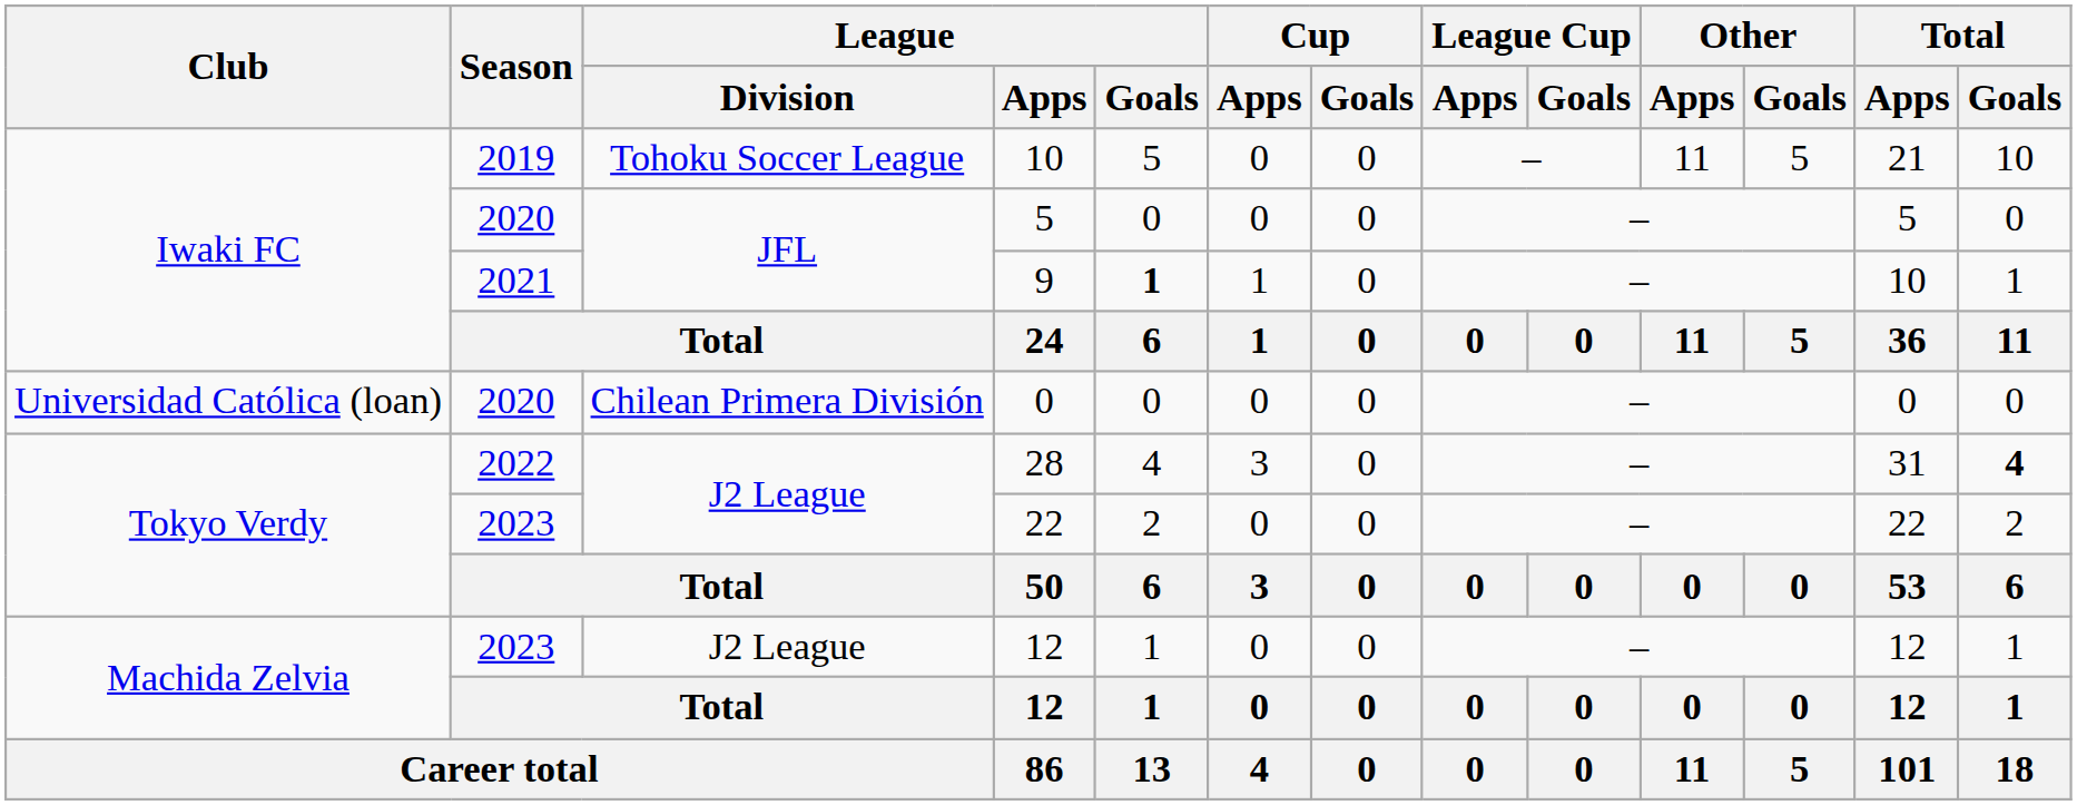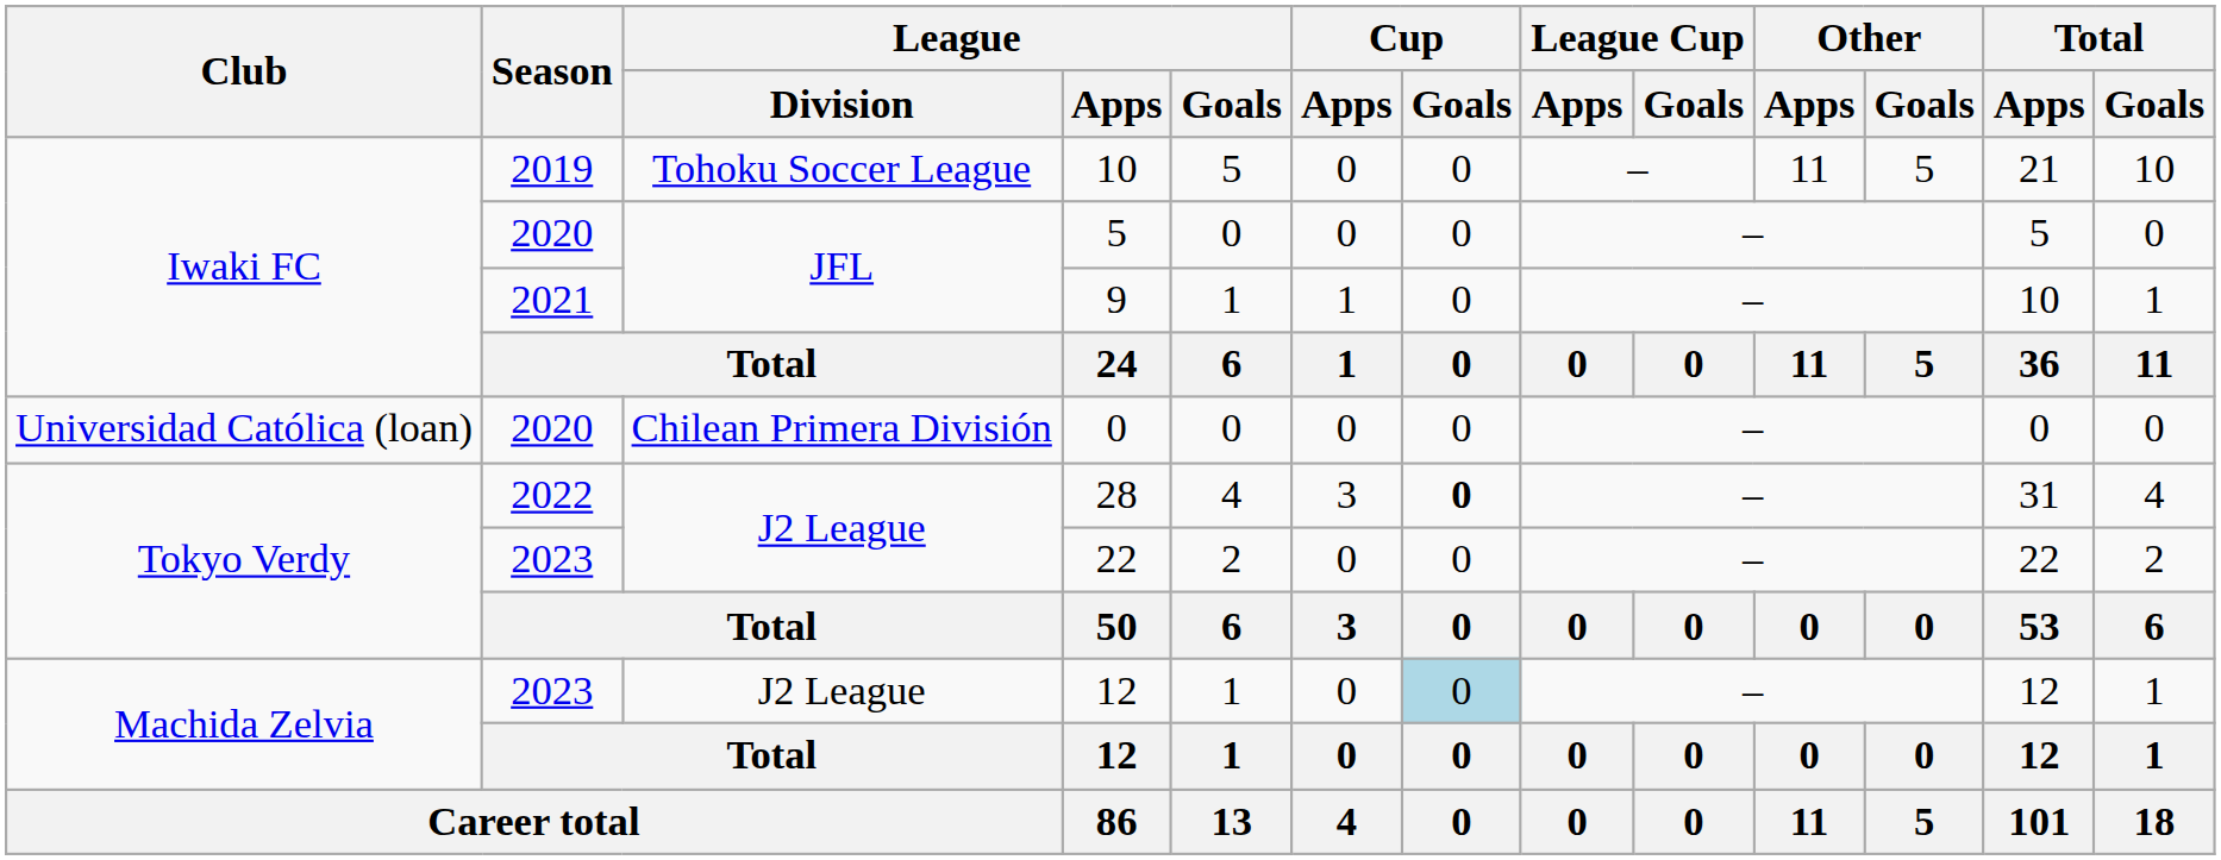 <table class="wikitable" style="text-align: center">
 <tr>
 <th rowspan="2">Club</th>
 <th rowspan="2">Season</th>
 <th colspan="3">League</th>
 <th colspan="2">Cup</th>
 <th colspan="2">League Cup</th>
 <th colspan="2">Other</th>
 <th colspan="2">Total</th>
 </tr>
 <tr>
 <th>Division</th>
 <th>Apps</th>
 <th>Goals</th>
 <th>Apps</th>
 <th>Goals</th>
 <th>Apps</th>
 <th>Goals</th>
 <th>Apps</th>
 <th>Goals</th>
 <th>Apps</th>
 <th>Goals</th>
 </tr>
 <tr>
 <td rowspan="4"><a href='#'>Iwaki FC</a></td>
 <td><a href='#'>2019</a></td>
 <td><a href='#'>Tohoku Soccer League</a></td>
 <td>10</td>
 <td>5</td>
 <td>0</td>
 <td>0</td>
 <td colspan="2">–</td>
 <td>11</td>
 <td>5</td>
 <td>21</td>
 <td>10</td>
 </tr>
 <tr>
 <td><a href='#'>2020</a></td>
 <td rowspan="2"><a href='#'>JFL</a></td>
 <td>5</td>
 <td>0</td>
 <td>0</td>
 <td>0</td>
 <td colspan="4">–</td>
 <td>5</td>
 <td>0</td>
 </tr>
 <tr>
 <td><a href='#'>2021</a></td>
 <td>9</td>
-<td><strong>1</strong></td>
+<td>1</td>
 <td>1</td>
 <td>0</td>
 <td colspan="4">–</td>
 <td>10</td>
 <td>1</td>
 </tr>
 <tr>
 <th colspan="2"><strong>Total</strong></th>
 <th>24</th>
 <th>6</th>
 <th>1</th>
 <th>0</th>
 <th>0</th>
 <th>0</th>
 <th>11</th>
 <th>5</th>
 <th>36</th>
 <th>11</th>
 </tr>
 <tr>
 <td><a href='#'>Universidad Católica</a> (loan)</td>
 <td><a href='#'>2020</a></td>
 <td><a href='#'>Chilean Primera División</a></td>
 <td>0</td>
 <td>0</td>
 <td>0</td>
 <td>0</td>
 <td colspan="4">–</td>
 <td>0</td>
 <td>0</td>
 </tr>
 <tr>
 <td rowspan=3><a href='#'>Tokyo Verdy</a></td>
 <td><a href='#'>2022</a></td>
 <td rowspan=2><a href='#'>J2 League</a></td>
 <td>28</td>
 <td>4</td>
 <td>3</td>
-<td>0</td>
+<td><strong>0</strong></td>
 <td colspan="4">–</td>
 <td>31</td>
-<td><strong>4</strong></td>
+<td>4</td>
 </tr>
 <tr>
 <td><a href='#'>2023</a></td>
 <td>22</td>
 <td>2</td>
 <td>0</td>
 <td>0</td>
 <td colspan="4">–</td>
 <td>22</td>
 <td>2</td>
 </tr>
 <tr>
 <th colspan="2"><strong>Total</strong></th>
 <th>50</th>
 <th>6</th>
 <th>3</th>
 <th>0</th>
 <th>0</th>
 <th>0</th>
 <th>0</th>
 <th>0</th>
 <th>53</th>
 <th>6</th>
 </tr>
 <tr>
 <td rowspan=2><a href='#'>Machida Zelvia</a></td>
 <td><a href='#'>2023</a></td>
 <td>J2 League</td>
 <td>12</td>
 <td>1</td>
 <td>0</td>
-<td>0</td>
+<td style="background: lightblue;">0</td>
 <td colspan="4">–</td>
 <td>12</td>
 <td>1</td>
 </tr>
 <tr>
 <th colspan="2"><strong>Total</strong></th>
 <th>12</th>
 <th>1</th>
 <th>0</th>
 <th>0</th>
 <th>0</th>
 <th>0</th>
 <th>0</th>
 <th>0</th>
 <th>12</th>
 <th>1</th>
 </tr>
 <tr>
 <th colspan="3"><strong>Career total</strong></th>
 <th>86</th>
 <th>13</th>
 <th>4</th>
 <th>0</th>
 <th>0</th>
 <th>0</th>
 <th>11</th>
 <th>5</th>
 <th>101</th>
 <th>18</th>
 </tr>
 </table>
